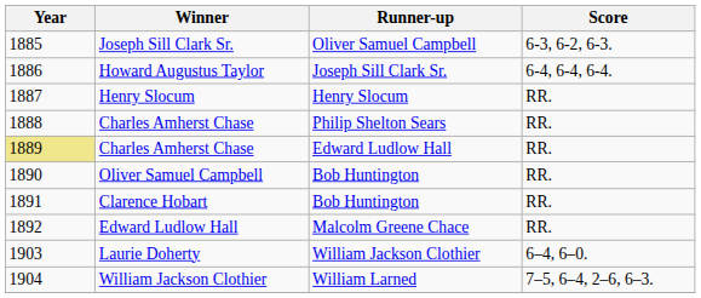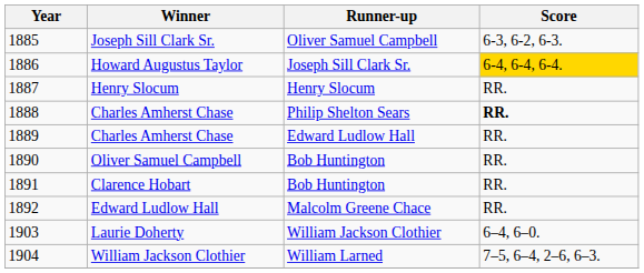 <table class="wikitable">
 <tr>
 <th style="width:80px;">Year</th>
 <th style="width:200px;">Winner</th>
 <th style="width:200px;">Runner-up</th>
 <th style="width:160px;">Score</th>
 </tr>
 <tr>
 <td>1885</td>
 <td> <a href='#'>Joseph Sill Clark Sr.</a></td>
 <td> <a href='#'>Oliver Samuel Campbell</a></td>
 <td>6-3, 6-2, 6-3.</td>
 </tr>
 <tr>
 <td>1886</td>
 <td> <a href='#'>Howard Augustus Taylor</a></td>
 <td>  <a href='#'>Joseph Sill Clark Sr.</a></td>
-<td>6-4, 6-4, 6-4.</td>
+<td style="background: gold;">6-4, 6-4, 6-4.</td>
 </tr>
 <tr>
 <td>1887</td>
 <td> <a href='#'>Henry Slocum</a></td>
 <td> <a href='#'>Henry Slocum</a></td>
 <td>RR.</td>
 </tr>
 <tr>
 <td>1888</td>
 <td> <a href='#'>Charles Amherst Chase</a></td>
 <td> <a href='#'>Philip Shelton Sears</a></td>
-<td>RR.</td>
+<td><strong>RR.</strong></td>
 </tr>
 <tr>
-<td style="background: khaki;">1889</td>
+<td>1889</td>
 <td> <a href='#'>Charles Amherst Chase</a></td>
 <td>  <a href='#'>Edward Ludlow Hall</a></td>
 <td>RR.</td>
 </tr>
 <tr>
 <td>1890</td>
 <td> <a href='#'>Oliver Samuel Campbell</a></td>
 <td> <a href='#'>Bob Huntington</a></td>
 <td>RR.</td>
 </tr>
 <tr>
 <td>1891</td>
 <td> <a href='#'>Clarence Hobart</a></td>
 <td> <a href='#'>Bob Huntington</a></td>
 <td>RR.</td>
 </tr>
 <tr>
 <td>1892</td>
 <td> <a href='#'>Edward Ludlow Hall</a></td>
 <td> <a href='#'>Malcolm Greene Chace</a></td>
 <td>RR.</td>
 </tr>
 <tr>
 <td>1903</td>
 <td> <a href='#'>Laurie Doherty</a></td>
 <td> <a href='#'>William Jackson Clothier</a></td>
 <td>6–4, 6–0.</td>
 </tr>
 <tr>
 <td>1904</td>
 <td> <a href='#'>William Jackson Clothier</a></td>
 <td> <a href='#'>William Larned</a></td>
 <td>7–5, 6–4, 2–6, 6–3.</td>
 </tr>
 <tr>
 </tr>
 </table>
